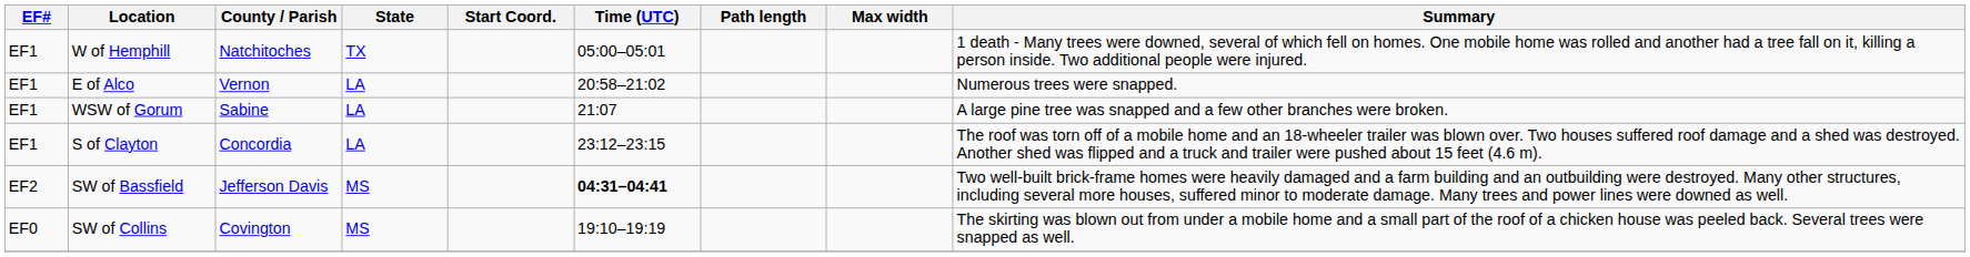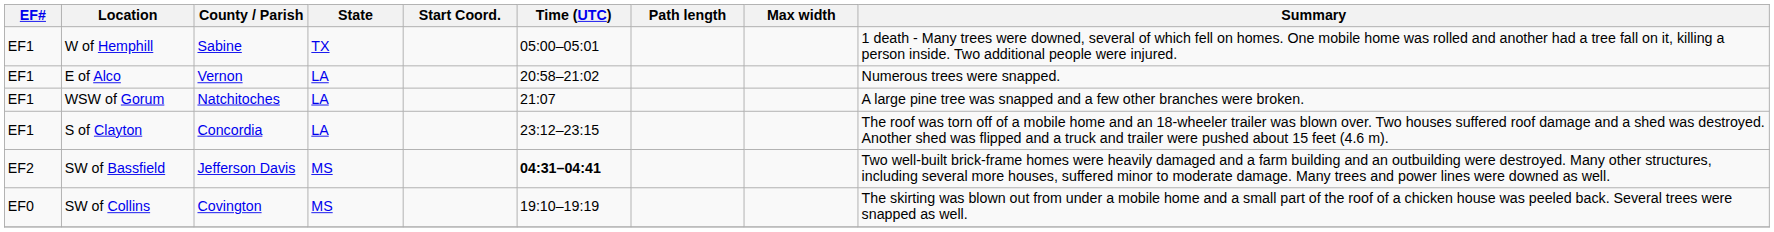 <table class="wikitable sortable" style="width:100%;">
 <tr>
 <th scope="col"  style="width:3%; text-align:center;"><a href='#'>EF#</a></th>
 <th scope="col"  style="width:7%; text-align:center;" class="unsortable">Location</th>
 <th scope="col"  style="width:6%; text-align:center;" class="unsortable">County / Parish</th>
 <th scope="col"  style="width:5%; text-align:center;">State</th>
 <th scope="col"  style="width:6%; text-align:center;">Start Coord.</th>
 <th scope="col"  style="width:6%; text-align:center;">Time (<a href='#'>UTC</a>)</th>
 <th scope="col"  style="width:6%; text-align:center;">Path length</th>
 <th scope="col"  style="width:6%; text-align:center;">Max width</th>
 <th scope="col" class="unsortable" style="width:48%; text-align:center;">Summary</th>
 </tr>
 <tr>
 <td>EF1</td>
 <td>W of <a href='#'>Hemphill</a></td>
-<td><a href='#'>Natchitoches</a></td>
+<td><a href='#'>Sabine</a></td>
 <td><a href='#'>TX</a></td>
 <td></td>
 <td>05:00–05:01</td>
 <td></td>
 <td></td>
 <td>1 death - Many trees were downed, several of which fell on homes. One mobile home was rolled and another had a tree fall on it, killing a person inside. Two additional people were injured.</td>
 </tr>
 <tr>
 <td>EF1</td>
 <td>E of <a href='#'>Alco</a></td>
 <td><a href='#'>Vernon</a></td>
 <td><a href='#'>LA</a></td>
 <td></td>
 <td>20:58–21:02</td>
 <td></td>
 <td></td>
 <td>Numerous trees were snapped.</td>
 </tr>
 <tr>
 <td>EF1</td>
 <td>WSW of <a href='#'>Gorum</a></td>
-<td><a href='#'>Sabine</a></td>
+<td><a href='#'>Natchitoches</a></td>
 <td><a href='#'>LA</a></td>
 <td></td>
 <td>21:07</td>
 <td></td>
 <td></td>
 <td>A large pine tree was snapped and a few other branches were broken.</td>
 </tr>
 <tr>
 <td>EF1</td>
 <td>S of <a href='#'>Clayton</a></td>
 <td><a href='#'>Concordia</a></td>
 <td><a href='#'>LA</a></td>
 <td></td>
 <td>23:12–23:15</td>
 <td></td>
 <td></td>
 <td>The roof was torn off of a mobile home and an 18-wheeler trailer was blown over. Two houses suffered roof damage and a shed was destroyed. Another shed was flipped and a truck and trailer were pushed about 15 feet (4.6 m).</td>
 </tr>
 <tr>
 <td>EF2</td>
 <td>SW of <a href='#'>Bassfield</a></td>
 <td><a href='#'>Jefferson Davis</a></td>
 <td><a href='#'>MS</a></td>
 <td></td>
 <td><strong>04:31–04:41</strong></td>
 <td></td>
 <td></td>
 <td>Two well-built brick-frame homes were heavily damaged and a farm building and an outbuilding were destroyed. Many other structures, including several more houses, suffered minor to moderate damage. Many trees and power lines were downed as well.</td>
 </tr>
 <tr>
 <td>EF0</td>
 <td>SW of <a href='#'>Collins</a></td>
 <td><a href='#'>Covington</a></td>
 <td><a href='#'>MS</a></td>
 <td></td>
 <td>19:10–19:19</td>
 <td></td>
 <td></td>
 <td>The skirting was blown out from under a mobile home and a small part of the roof of a chicken house was peeled back. Several trees were snapped as well.</td>
 </tr>
 <tr>
 </tr>
 </table>
